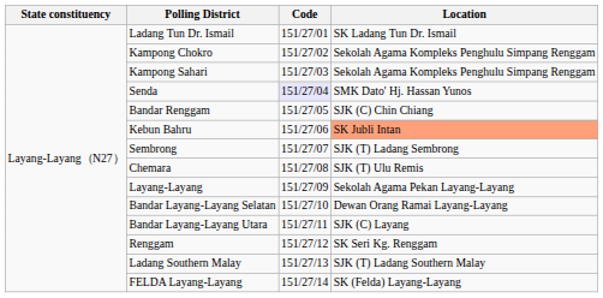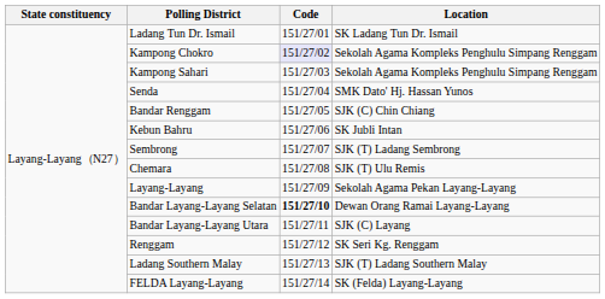 <table class="wikitable sortable mw-collapsible" style="white-space:nowrap;font-size:90%">
 <tr>
 <th>State constituency</th>
 <th>Polling District</th>
 <th>Code</th>
 <th>Location</th>
 </tr>
 <tr>
 <td rowspan="14">Layang-Layang（N27）</td>
 <td>Ladang Tun Dr. Ismail</td>
 <td>151/27/01</td>
 <td>SK Ladang Tun Dr. Ismail</td>
 </tr>
 <tr>
 <td>Kampong Chokro</td>
-<td>151/27/02</td>
+<td style="background: lavender;">151/27/02</td>
 <td>Sekolah Agama Kompleks Penghulu Simpang Renggam</td>
 </tr>
 <tr>
 <td>Kampong Sahari</td>
 <td>151/27/03</td>
 <td>Sekolah Agama Kompleks Penghulu Simpang Renggam</td>
 </tr>
 <tr>
 <td>Senda</td>
-<td style="background: lavender;">151/27/04</td>
+<td>151/27/04</td>
 <td>SMK Dato' Hj. Hassan Yunos</td>
 </tr>
 <tr>
 <td>Bandar Renggam</td>
 <td>151/27/05</td>
 <td>SJK (C) Chin Chiang</td>
 </tr>
 <tr>
 <td>Kebun Bahru</td>
 <td>151/27/06</td>
-<td style="background: lightsalmon;">SK Jubli Intan</td>
+<td>SK Jubli Intan</td>
 </tr>
 <tr>
 <td>Sembrong</td>
 <td>151/27/07</td>
 <td>SJK (T) Ladang Sembrong</td>
 </tr>
 <tr>
 <td>Chemara</td>
 <td>151/27/08</td>
 <td>SJK (T) Ulu Remis</td>
 </tr>
 <tr>
 <td>Layang-Layang</td>
 <td>151/27/09</td>
 <td>Sekolah Agama Pekan Layang-Layang</td>
 </tr>
 <tr>
 <td>Bandar Layang-Layang Selatan</td>
-<td>151/27/10</td>
+<td><strong>151/27/10</strong></td>
 <td>Dewan Orang Ramai Layang-Layang</td>
 </tr>
 <tr>
 <td>Bandar Layang-Layang Utara</td>
 <td>151/27/11</td>
 <td>SJK (C) Layang</td>
 </tr>
 <tr>
 <td>Renggam</td>
 <td>151/27/12</td>
 <td>SK Seri Kg. Renggam</td>
 </tr>
 <tr>
 <td>Ladang Southern Malay</td>
 <td>151/27/13</td>
 <td>SJK (T) Ladang Southern Malay</td>
 </tr>
 <tr>
 <td>FELDA Layang-Layang</td>
 <td>151/27/14</td>
 <td>SK (Felda) Layang-Layang</td>
 </tr>
 </table>
